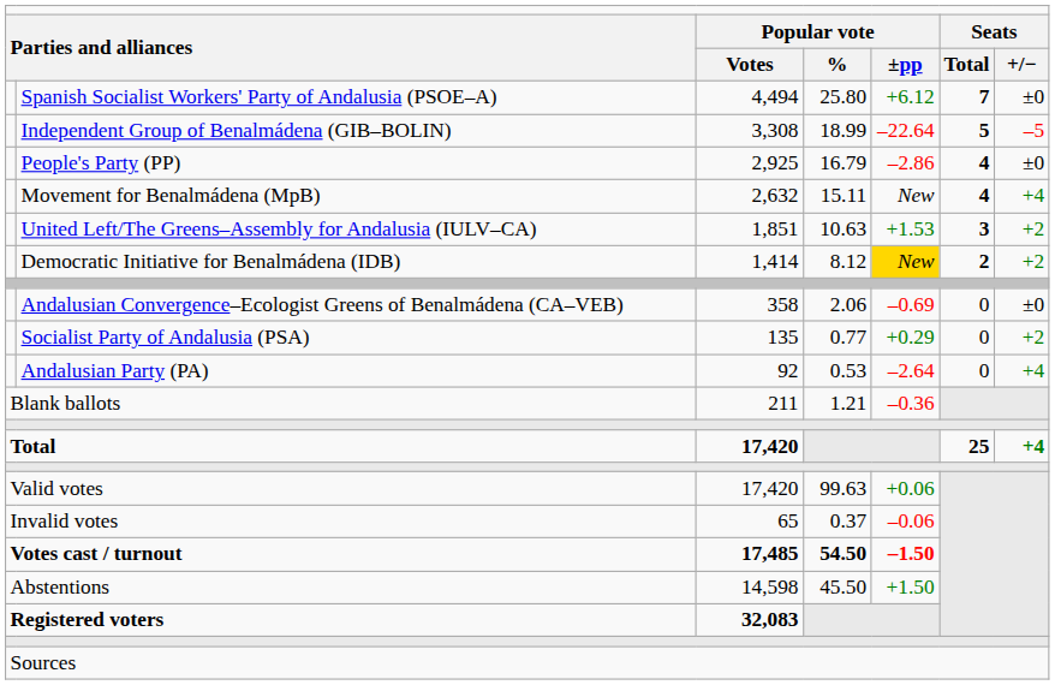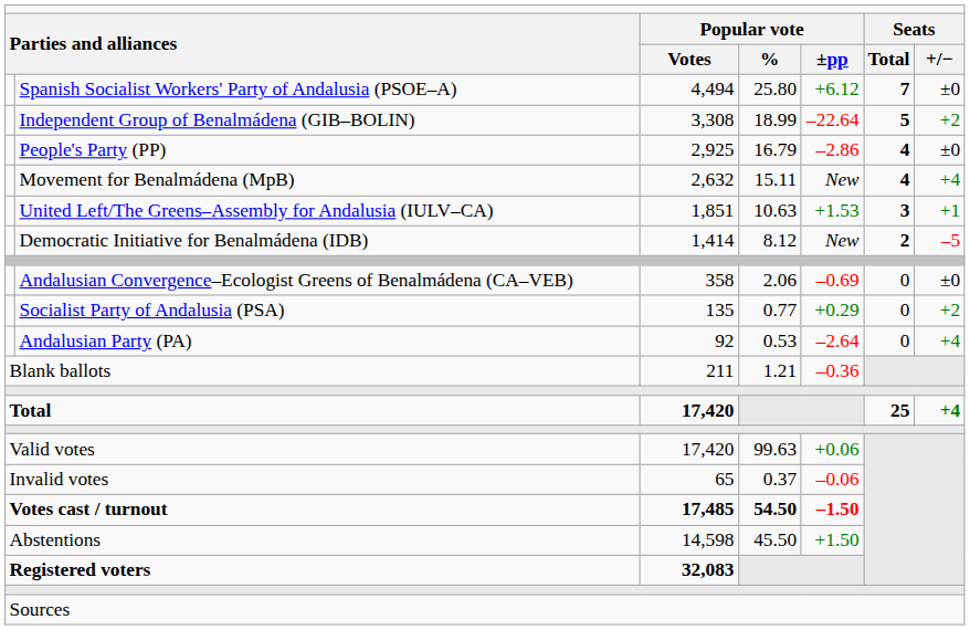 <table class="wikitable" style="text-align:right;">
 <tr>
 <td colspan="7"></td>
 </tr>
 <tr>
 <th style="text-align:left;" rowspan="2" colspan="2" width="525">Parties and alliances</th>
 <th colspan="3">Popular vote</th>
 <th colspan="2">Seats</th>
 </tr>
 <tr>
 <th width="75">Votes</th>
 <th width="45">%</th>
 <th width="45">±<a href='#'>pp</a></th>
 <th width="35">Total</th>
 <th width="35">+/−</th>
 </tr>
 <tr>
 <td width="1" style="color:inherit;background:"></td>
 <td align="left"><a href='#'>Spanish Socialist Workers' Party of Andalusia</a> (PSOE–A)</td>
 <td>4,494</td>
 <td>25.80</td>
 <td style="color:green;">+6.12</td>
 <td><strong>7</strong></td>
 <td>±0</td>
 </tr>
 <tr>
 <td style="color:inherit;background:"></td>
 <td align="left"><a href='#'>Independent Group of Benalmádena</a> (GIB–BOLIN)</td>
 <td>3,308</td>
 <td>18.99</td>
 <td style="color:red;">–22.64</td>
 <td><strong>5</strong></td>
-<td style="color:red;">–5</td>
+<td style="color:green;">+2</td>
 </tr>
 <tr>
 <td style="color:inherit;background:"></td>
 <td align="left"><a href='#'>People's Party</a> (PP)</td>
 <td>2,925</td>
 <td>16.79</td>
 <td style="color:red;">–2.86</td>
 <td><strong>4</strong></td>
 <td>±0</td>
 </tr>
 <tr>
 <td style="color:inherit;background:"></td>
 <td align="left">Movement for Benalmádena (MpB)</td>
 <td>2,632</td>
 <td>15.11</td>
 <td><em>New</em></td>
 <td><strong>4</strong></td>
 <td style="color:green;">+4</td>
 </tr>
 <tr>
 <td style="color:inherit;background:"></td>
 <td align="left"><a href='#'>United Left/The Greens–Assembly for Andalusia</a> (IULV–CA)</td>
 <td>1,851</td>
 <td>10.63</td>
 <td style="color:green;">+1.53</td>
 <td><strong>3</strong></td>
-<td style="color:green;">+2</td>
+<td style="color:green;">+1</td>
 </tr>
 <tr>
 <td style="color:inherit;background:"></td>
 <td align="left">Democratic Initiative for Benalmádena (IDB)</td>
 <td>1,414</td>
 <td>8.12</td>
-<td style="background: gold;"><em>New</em></td>
+<td><em>New</em></td>
 <td><strong>2</strong></td>
-<td style="color:green;">+2</td>
+<td style="color:red;">–5</td>
 </tr>
 <tr>
 <td colspan="7" bgcolor="#C0C0C0"></td>
 </tr>
 <tr>
 <td style="color:inherit;background:"></td>
 <td align="left"><a href='#'>Andalusian Convergence</a>–Ecologist Greens of Benalmádena (CA–VEB)</td>
 <td>358</td>
 <td>2.06</td>
 <td style="color:red;">–0.69</td>
 <td>0</td>
 <td>±0</td>
 </tr>
 <tr>
 <td style="color:inherit;background:"></td>
 <td align="left"><a href='#'>Socialist Party of Andalusia</a> (PSA)</td>
 <td>135</td>
 <td>0.77</td>
 <td style="color:green;">+0.29</td>
 <td>0</td>
 <td style="color:green;">+2</td>
 </tr>
 <tr>
 <td style="color:inherit;background:"></td>
 <td align="left"><a href='#'>Andalusian Party</a> (PA)</td>
 <td>92</td>
 <td>0.53</td>
 <td style="color:red;">–2.64</td>
 <td>0</td>
 <td style="color:green;">+4</td>
 </tr>
 <tr>
 <td align="left" colspan="2">Blank ballots</td>
 <td>211</td>
 <td>1.21</td>
 <td style="color:red;">–0.36</td>
 <td bgcolor="#E9E9E9" colspan="2"></td>
 </tr>
 <tr>
 <td colspan="7" bgcolor="#E9E9E9"></td>
 </tr>
 <tr style="font-weight:bold;">
 <td align="left" colspan="2">Total</td>
 <td>17,420</td>
 <td bgcolor="#E9E9E9" colspan="2"></td>
 <td>25</td>
 <td style="color:green;">+4</td>
 </tr>
 <tr>
 <td colspan="7" bgcolor="#E9E9E9"></td>
 </tr>
 <tr>
 <td align="left" colspan="2">Valid votes</td>
 <td>17,420</td>
 <td>99.63</td>
 <td style="color:green;">+0.06</td>
 <td bgcolor="#E9E9E9" colspan="2" rowspan="5"></td>
 </tr>
 <tr>
 <td align="left" colspan="2">Invalid votes</td>
 <td>65</td>
 <td>0.37</td>
 <td style="color:red;">–0.06</td>
 </tr>
 <tr style="font-weight:bold;">
 <td align="left" colspan="2">Votes cast / turnout</td>
 <td>17,485</td>
 <td>54.50</td>
 <td style="color:red;">–1.50</td>
 </tr>
 <tr>
 <td align="left" colspan="2">Abstentions</td>
 <td>14,598</td>
 <td>45.50</td>
 <td style="color:green;">+1.50</td>
 </tr>
 <tr style="font-weight:bold;">
 <td align="left" colspan="2">Registered voters</td>
 <td>32,083</td>
 <td bgcolor="#E9E9E9" colspan="2"></td>
 </tr>
 <tr>
 <td colspan="7" bgcolor="#E9E9E9"></td>
 </tr>
 <tr>
 <td align="left" colspan="7">Sources</td>
 </tr>
 </table>
